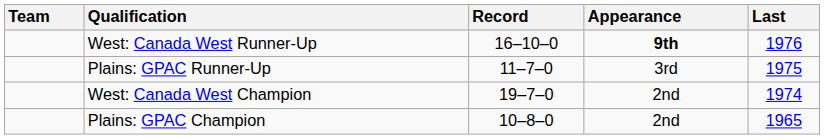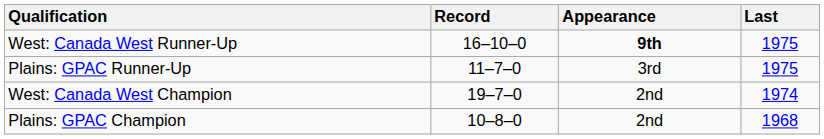 <table class="wikitable sortable" style="text-align: center;" width=800>
 <tr style="background:#efefef; text-align:center">
-<th style="text-align:left">Team</th>
 <th style="text-align:left">Qualification</th>
 <th style="text-align:left">Record</th>
 <th style="text-align:left">Appearance</th>
 <th style="text-align:left">Last</th>
 </tr>
 <tr style="text-align:center">
-<td style="text-align:left; "><a href='#'></a></td>
 <td style="text-align:left">West: <a href='#'>Canada West</a> Runner-Up</td>
 <td style="text-align:center">16–10–0</td>
 <td style="text-align:center"><strong>9th</strong></td>
-<td style="text-align:center"><a href='#'>1976</a></td>
+<td style="text-align:center"><a href='#'>1975</a></td>
 </tr>
 <tr style="text-align:center">
-<td style="text-align:left; "><a href='#'></a></td>
 <td style="text-align:left">Plains: <a href='#'>GPAC</a> Runner-Up</td>
 <td style="text-align:center">11–7–0</td>
 <td style="text-align:center">3rd</td>
 <td style="text-align:center"><a href='#'>1975</a></td>
 </tr>
 <tr style="text-align:center">
-<td style="text-align:left; "><a href='#'></a></td>
 <td style="text-align:left">West: <a href='#'>Canada West</a> Champion</td>
 <td style="text-align:center">19–7–0</td>
 <td style="text-align:center">2nd</td>
 <td style="text-align:center"><a href='#'>1974</a></td>
 </tr>
 <tr style="text-align:center">
-<td style="text-align:left; "><a href='#'></a></td>
 <td style="text-align:left">Plains: <a href='#'>GPAC</a> Champion</td>
 <td style="text-align:center">10–8–0</td>
 <td style="text-align:center">2nd</td>
-<td style="text-align:center"><a href='#'>1965</a></td>
+<td style="text-align:center"><a href='#'>1968</a></td>
 </tr>
 </table>
